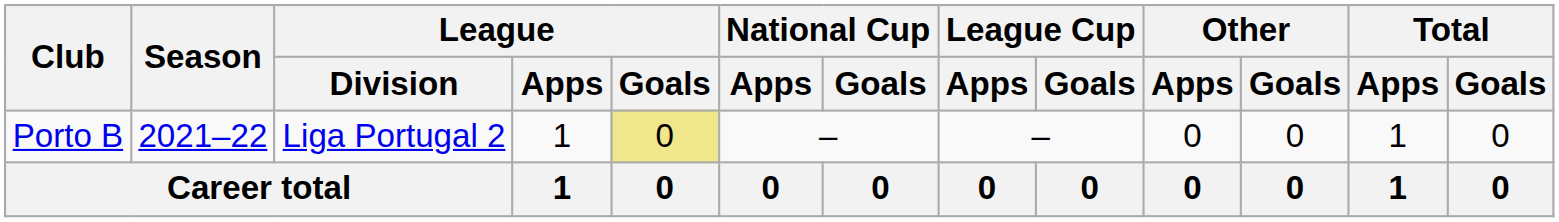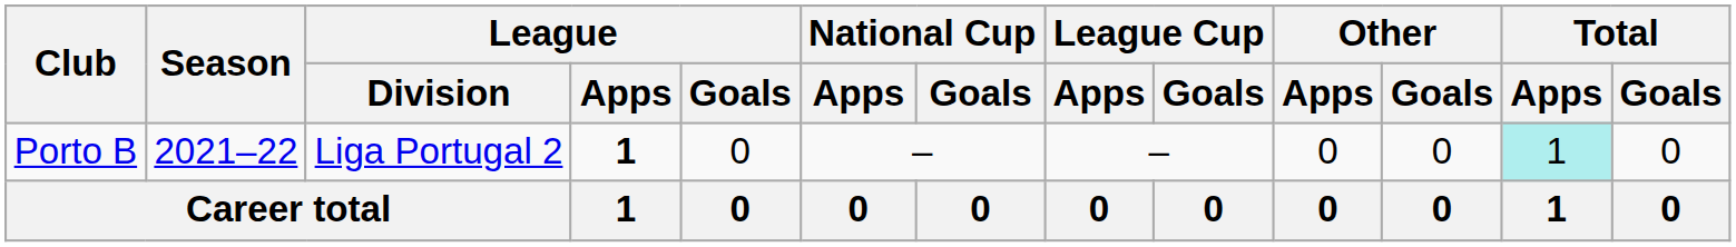 <table class="wikitable" style="text-align: center">
 <tr>
 <th rowspan="2">Club</th>
 <th rowspan="2">Season</th>
 <th colspan="3">League</th>
 <th colspan="2">National Cup</th>
 <th colspan="2">League Cup</th>
 <th colspan="2">Other</th>
 <th colspan="2">Total</th>
 </tr>
 <tr>
 <th>Division</th>
 <th>Apps</th>
 <th>Goals</th>
 <th>Apps</th>
 <th>Goals</th>
 <th>Apps</th>
 <th>Goals</th>
 <th>Apps</th>
 <th>Goals</th>
 <th>Apps</th>
 <th>Goals</th>
 </tr>
 <tr>
 <td><a href='#'>Porto B</a></td>
 <td><a href='#'>2021–22</a></td>
 <td><a href='#'>Liga Portugal 2</a></td>
-<td>1</td>
-<td style="background: khaki;">0</td>
+<td><strong>1</strong></td>
+<td>0</td>
 <td colspan="2">–</td>
 <td colspan="2">–</td>
 <td>0</td>
 <td>0</td>
-<td>1</td>
+<td style="background: paleturquoise;">1</td>
 <td>0</td>
 </tr>
 <tr>
 <th colspan="3"><strong>Career total</strong></th>
 <th>1</th>
 <th>0</th>
 <th>0</th>
 <th>0</th>
 <th>0</th>
 <th>0</th>
 <th>0</th>
 <th>0</th>
 <th>1</th>
 <th>0</th>
 </tr>
 </table>
